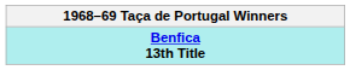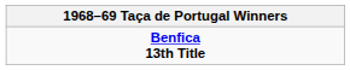 <table class="wikitable" style="text-align: center; margin: 0 auto; width: 20%">
 <tr>
 <th>1968–69 Taça de Portugal Winners</th>
 </tr>
 <tr>
-<td style="background: paleturquoise;"><strong><a href='#'>Benfica</a></strong><br><strong>13th Title</strong></td>
+<td><strong><a href='#'>Benfica</a></strong><br><strong>13th Title</strong></td>
 </tr>
 </table>
